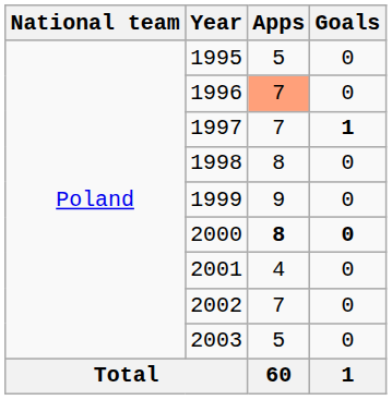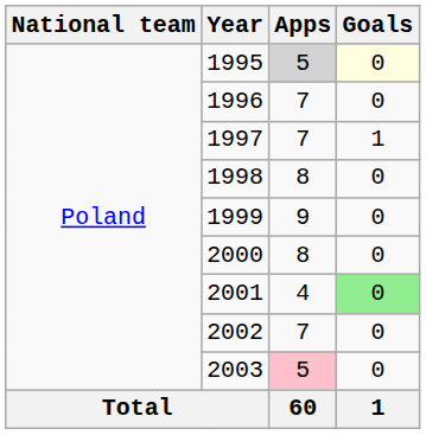 <table class="wikitable" style="text-align:center">
 <tr>
 <th>National team</th>
 <th>Year</th>
 <th>Apps</th>
 <th>Goals</th>
 </tr>
 <tr>
 <td rowspan="9"><a href='#'>Poland</a></td>
 <td>1995</td>
-<td>5</td>
-<td>0</td>
+<td style="background: lightgrey;">5</td>
+<td style="background: lightyellow;">0</td>
 </tr>
 <tr>
 <td>1996</td>
-<td style="background: lightsalmon;">7</td>
+<td>7</td>
 <td>0</td>
 </tr>
 <tr>
 <td>1997</td>
 <td>7</td>
-<td><strong>1</strong></td>
+<td>1</td>
 </tr>
 <tr>
 <td>1998</td>
 <td>8</td>
 <td>0</td>
 </tr>
 <tr>
 <td>1999</td>
 <td>9</td>
 <td>0</td>
 </tr>
 <tr>
 <td>2000</td>
-<td><strong>8</strong></td>
-<td><strong>0</strong></td>
+<td>8</td>
+<td>0</td>
 </tr>
 <tr>
 <td>2001</td>
 <td>4</td>
-<td>0</td>
+<td style="background: lightgreen;">0</td>
 </tr>
 <tr>
 <td>2002</td>
 <td>7</td>
 <td>0</td>
 </tr>
 <tr>
 <td>2003</td>
-<td>5</td>
+<td style="background: pink;">5</td>
 <td>0</td>
 </tr>
 <tr>
 <th colspan="2">Total</th>
 <th>60</th>
 <th>1</th>
 </tr>
 </table>
